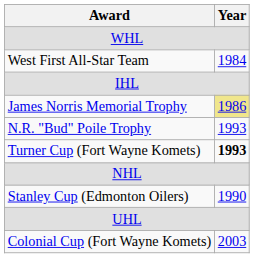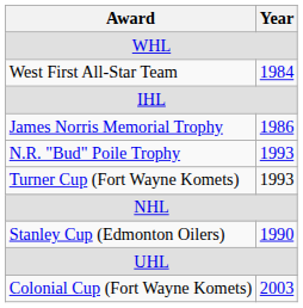 <table class="wikitable">
 <tr>
 <th>Award</th>
 <th>Year</th>
 </tr>
 <tr ALIGN="center" bgcolor="#e0e0e0">
 <td colspan="3"><a href='#'>WHL</a></td>
 </tr>
 <tr>
 <td>West First All-Star Team</td>
 <td><a href='#'>1984</a></td>
 </tr>
 <tr ALIGN="center" bgcolor="#e0e0e0">
 <td colspan="3"><a href='#'>IHL</a></td>
 </tr>
 <tr>
 <td><a href='#'>James Norris Memorial Trophy</a></td>
-<td style="background: khaki;"><a href='#'>1986</a></td>
+<td><a href='#'>1986</a></td>
 </tr>
 <tr>
 <td><a href='#'>N.R. "Bud" Poile Trophy</a></td>
 <td><a href='#'>1993</a></td>
 </tr>
 <tr>
 <td><a href='#'>Turner Cup</a> (Fort Wayne Komets)</td>
-<td><strong>1993</strong></td>
+<td>1993</td>
 </tr>
 <tr ALIGN="center" bgcolor="#e0e0e0">
 <td colspan="3"><a href='#'>NHL</a></td>
 </tr>
 <tr>
 <td><a href='#'>Stanley Cup</a> (Edmonton Oilers)</td>
 <td><a href='#'>1990</a></td>
 </tr>
 <tr ALIGN="center" bgcolor="#e0e0e0">
 <td colspan="3"><a href='#'>UHL</a></td>
 </tr>
 <tr>
 <td><a href='#'>Colonial Cup</a> (Fort Wayne Komets)</td>
 <td><a href='#'>2003</a></td>
 </tr>
 </table>
